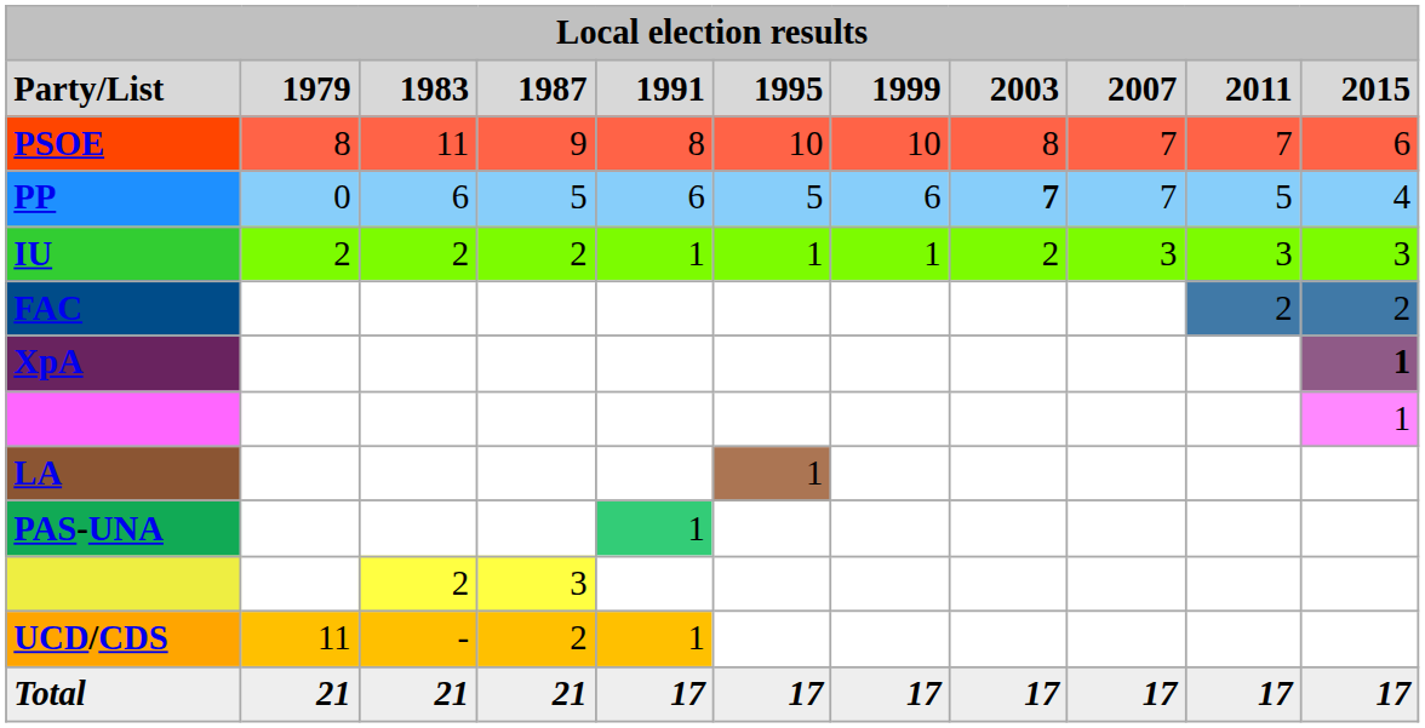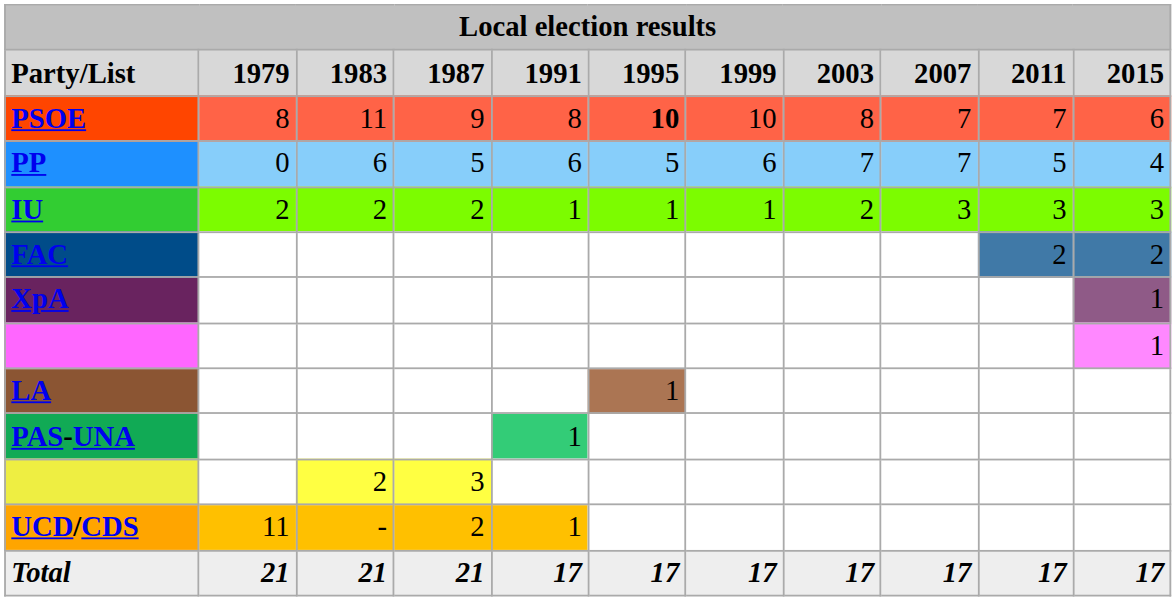 <table class="wikitable" style="margin:0 auto">
 <tr>
 <td colspan="11" width="644px" bgcolor="#C0C0C0" style="text-align:center;"><strong>Local election results</strong></td>
 </tr>
 <tr bgcolor="#D8D8D8">
 <td><strong>Party/List</strong></td>
 <td align="right"><strong>1979</strong></td>
 <td align="right"><strong>1983</strong></td>
 <td align="right"><strong>1987</strong></td>
 <td align="right"><strong>1991</strong></td>
 <td align="right"><strong>1995</strong></td>
 <td align="right"><strong>1999</strong></td>
 <td align="right"><strong>2003</strong></td>
 <td align="right"><strong>2007</strong></td>
 <td align="right"><strong>2011</strong></td>
 <td align="right"><strong>2015</strong></td>
 </tr>
 <tr>
 <td bgcolor="#FF4500"><strong><a href='#'><span>PSOE</span></a></strong></td>
 <td bgcolor="#FF6347" align="right">8</td>
 <td bgcolor="#FF6347" align="right">11</td>
 <td bgcolor="#FF6347" align="right">9</td>
 <td bgcolor="#FF6347" align="right">8</td>
-<td bgcolor="#FF6347" align="right">10</td>
+<td bgcolor="#FF6347" align="right"><strong>10</strong></td>
 <td bgcolor="#FF6347" align="right">10</td>
 <td bgcolor="#FF6347" align="right">8</td>
 <td bgcolor="#FF6347" align="right">7</td>
 <td bgcolor="#FF6347" align="right">7</td>
 <td bgcolor="#FF6347" align="right">6</td>
 </tr>
 <tr>
 <td bgcolor="#1E90FF"><strong><a href='#'><span>PP</span></a></strong></td>
 <td bgcolor="#87CEFA" align="right">0</td>
 <td bgcolor="#87CEFA" align="right">6</td>
 <td bgcolor="#87CEFA" align="right">5</td>
 <td bgcolor="#87CEFA" align="right">6</td>
 <td bgcolor="#87CEFA" align="right">5</td>
 <td bgcolor="#87CEFA" align="right">6</td>
-<td bgcolor="#87CEFA" align="right"><strong>7</strong></td>
+<td bgcolor="#87CEFA" align="right">7</td>
 <td bgcolor="#87CEFA" align="right">7</td>
 <td bgcolor="#87CEFA" align="right">5</td>
 <td bgcolor="#87CEFA" align="right">4</td>
 </tr>
 <tr>
 <td bgcolor="#32CD32"><strong><a href='#'><span>IU</span></a></strong></td>
 <td bgcolor="#7CFC00" align="right">2</td>
 <td bgcolor="#7CFC00" align="right">2</td>
 <td bgcolor="#7CFC00" align="right">2</td>
 <td bgcolor="#7CFC00" align="right">1</td>
 <td bgcolor="#7CFC00" align="right">1</td>
 <td bgcolor="#7CFC00" align="right">1</td>
 <td bgcolor="#7CFC00" align="right">2</td>
 <td bgcolor="#7CFC00" align="right">3</td>
 <td bgcolor="#7CFC00" align="right">3</td>
 <td bgcolor="#7CFC00" align="right">3</td>
 </tr>
 <tr>
 <td bgcolor="#004C89"><strong><a href='#'><span>FAC</span></a></strong></td>
 <td bgcolor="#ffffff" align="right"></td>
 <td bgcolor="#ffffff" align="right"></td>
 <td bgcolor="#ffffff" align="right"></td>
 <td bgcolor="#ffffff" align="right"></td>
 <td bgcolor="#ffffff" align="right"></td>
 <td bgcolor="#ffffff" align="right"></td>
 <td bgcolor="#ffffff" align="right"></td>
 <td bgcolor="#ffffff" align="right"></td>
 <td bgcolor="#4079A7" align="right">2</td>
 <td bgcolor="#4079A7" align="right">2</td>
 </tr>
 <tr>
 <td bgcolor="#69235F"><strong><a href='#'><span>XpA</span></a></strong></td>
 <td bgcolor="#FFFFFF" align="right"></td>
 <td bgcolor="#FFFFFF" align="right"></td>
 <td bgcolor="#FFFFFF" align="right"></td>
 <td bgcolor="#FFFFFF" align="right"></td>
 <td bgcolor="#FFFFFF" align="right"></td>
 <td bgcolor="#FFFFFF" align="right"></td>
 <td bgcolor="#FFFFFF" align="right"></td>
 <td bgcolor="#FFFFFF" align="right"></td>
 <td bgcolor="#FFFFFF" align="right"></td>
-<td bgcolor="#8F5A87" align="right"><strong>1</strong></td>
+<td bgcolor="#8F5A87" align="right">1</td>
 </tr>
 <tr>
 <td bgcolor="#FF66FF"><strong></strong></td>
 <td bgcolor="#ffffff" align="right"></td>
 <td bgcolor="#ffffff" align="right"></td>
 <td bgcolor="#ffffff" align="right"></td>
 <td bgcolor="#ffffff" align="right"></td>
 <td bgcolor="#ffffff" align="right"></td>
 <td bgcolor="#ffffff" align="right"></td>
 <td bgcolor="#ffffff" align="right"></td>
 <td bgcolor="#ffffff" align="right"></td>
 <td bgcolor="#ffffff" align="right"></td>
 <td bgcolor="#FF88FF" align="right">1</td>
 </tr>
 <tr>
 <td bgcolor="#8B5533"><strong><a href='#'><span>LA</span></a></strong></td>
 <td bgcolor="#ffffff" align="right"></td>
 <td bgcolor="#ffffff" align="right"></td>
 <td bgcolor="#ffffff" align="right"></td>
 <td bgcolor="#ffffff" align="right"></td>
 <td bgcolor="#AB7553" align="right">1</td>
 <td bgcolor="#ffffff" align="right"></td>
 <td bgcolor="#ffffff" align="right"></td>
 <td bgcolor="#ffffff" align="right"></td>
 <td bgcolor="#ffffff" align="right"></td>
 <td bgcolor="#ffffff" align="right"></td>
 </tr>
 <tr>
 <td bgcolor="#11AA55"><strong><a href='#'><span>PAS</span></a>-<a href='#'><span>UNA</span></a></strong></td>
 <td bgcolor="#FFFFff"  align="right"></td>
 <td bgcolor="#FFFFff"  align="right"></td>
 <td bgcolor="#FFFFff"  align="right"></td>
 <td bgcolor="#33CC77"  align="right">1</td>
 <td bgcolor="#FFFFff"  align="right"></td>
 <td bgcolor="#FFFFff"  align="right"></td>
 <td bgcolor="#FFFFff"  align="right"></td>
 <td bgcolor="#FFFFff"  align="right"></td>
 <td bgcolor="#FFFFff"  align="right"></td>
 <td bgcolor="#FFFFff"  align="right"></td>
 </tr>
 <tr>
 <td bgcolor="#EEEE42"><strong></strong></td>
 <td bgcolor="#FFFFff"  align="right"></td>
 <td bgcolor="#FFFF42"  align="right">2</td>
 <td bgcolor="#FFFF42"  align="right">3</td>
 <td bgcolor="#FFFFff"  align="right"></td>
 <td bgcolor="#FFFFff"  align="right"></td>
 <td bgcolor="#FFFFff"  align="right"></td>
 <td bgcolor="#FFFFff"  align="right"></td>
 <td bgcolor="#FFFFff"  align="right"></td>
 <td bgcolor="#FFFFff"  align="right"></td>
 <td bgcolor="#FFFFff"  align="right"></td>
 </tr>
 <tr>
 <td bgcolor="#FFA500"><strong><a href='#'><span>UCD</span></a>/<a href='#'><span>CDS</span></a></strong></td>
 <td bgcolor="#ffC000" align="right">11</td>
 <td bgcolor="#ffC000" align="right">-</td>
 <td bgcolor="#ffC000" align="right">2</td>
 <td bgcolor="#ffC000" align="right">1</td>
 <td bgcolor="#ffffff" align="right"></td>
 <td bgcolor="#ffffff" align="right"></td>
 <td bgcolor="#ffffff" align="right"></td>
 <td bgcolor="#ffffff" align="right"></td>
 <td bgcolor="#ffffff" align="right"></td>
 <td bgcolor="#ffffff" align="right"></td>
 </tr>
 <tr bgcolor="#EEEEEE">
 <td><strong><em>Total</em></strong></td>
 <td align="right"><strong><em>21</em></strong></td>
 <td align="right"><strong><em>21</em></strong></td>
 <td align="right"><strong><em>21</em></strong></td>
 <td align="right"><strong><em>17</em></strong></td>
 <td align="right"><strong><em>17</em></strong></td>
 <td align="right"><strong><em>17</em></strong></td>
 <td align="right"><strong><em>17</em></strong></td>
 <td align="right"><strong><em>17</em></strong></td>
 <td align="right"><strong><em>17</em></strong></td>
 <td align="right"><strong><em>17</em></strong></td>
 </tr>
 </table>
